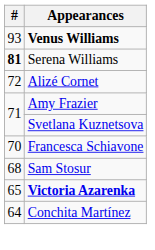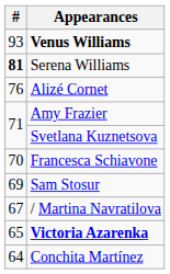 <table class=wikitable style="display:inline-table">
 <tr>
 <th scope="col">#</th>
 <th scope="col">Appearances</th>
 </tr>
 <tr>
 <td>93</td>
 <td> <strong>Venus Williams</strong></td>
 </tr>
 <tr>
 <td><strong>81</strong></td>
 <td> Serena Williams</td>
 </tr>
 <tr>
-<td>72</td>
+<td>76</td>
 <td> <a href='#'>Alizé Cornet</a></td>
 </tr>
 <tr>
 <td rowspan="2">71</td>
 <td> <a href='#'>Amy Frazier</a></td>
 </tr>
 <tr>
 <td> <a href='#'>Svetlana Kuznetsova</a></td>
 </tr>
 <tr>
 <td>70</td>
 <td> <a href='#'>Francesca Schiavone</a></td>
 </tr>
 <tr>
-<td>68</td>
+<td>69</td>
 <td> <a href='#'>Sam Stosur</a></td>
+</tr>
+<tr>
+<td>67</td>
+<td>/ <a href='#'>Martina Navratilova</a></td>
 </tr>
 <tr>
 <td>65</td>
 <td> <strong><a href='#'>Victoria Azarenka</a></strong></td>
 </tr>
 <tr>
 <td>64</td>
 <td> <a href='#'>Conchita Martínez</a></td>
 </tr>
 </table>
